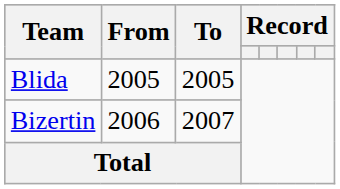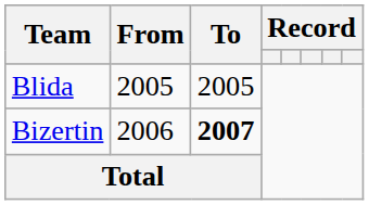 <table class=wikitable style="text-align:center">
 <tr>
 <th rowspan=2>Team</th>
 <th rowspan=2>From</th>
 <th rowspan=2>To</th>
 <th colspan=5>Record</th>
 </tr>
 <tr>
 <th></th>
 <th></th>
 <th></th>
 <th></th>
 <th></th>
 </tr>
 <tr>
 <td align=left><a href='#'>Blida</a></td>
 <td align=left>2005</td>
 <td align=left>2005<br></td>
 </tr>
 <tr>
 <td align=left><a href='#'>Bizertin</a></td>
 <td align=left>2006</td>
-<td align=left>2007<br></td>
+<td align=left><strong>2007<br></strong></td>
 </tr>
 <tr>
 <th colspan=3>Total<br></th>
 </tr>
 </table>
